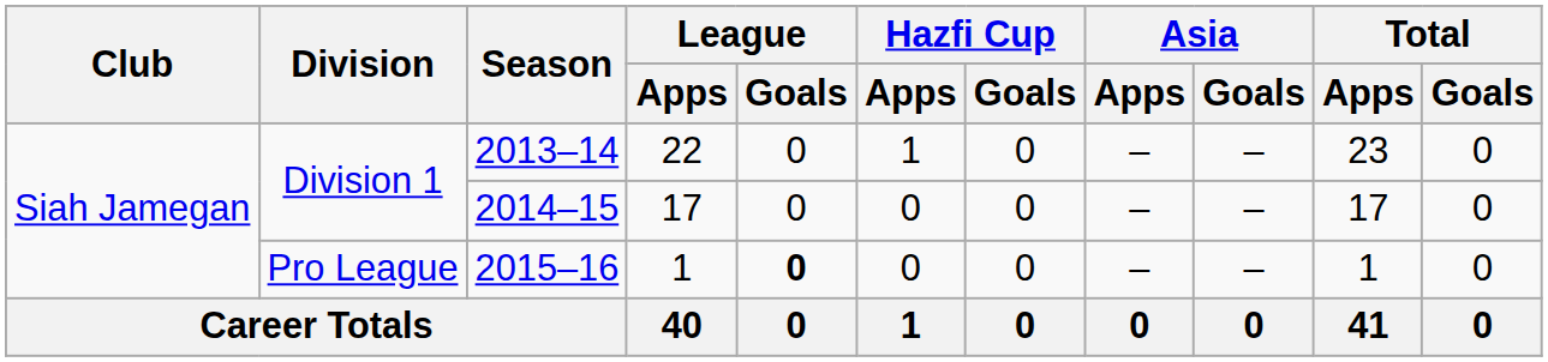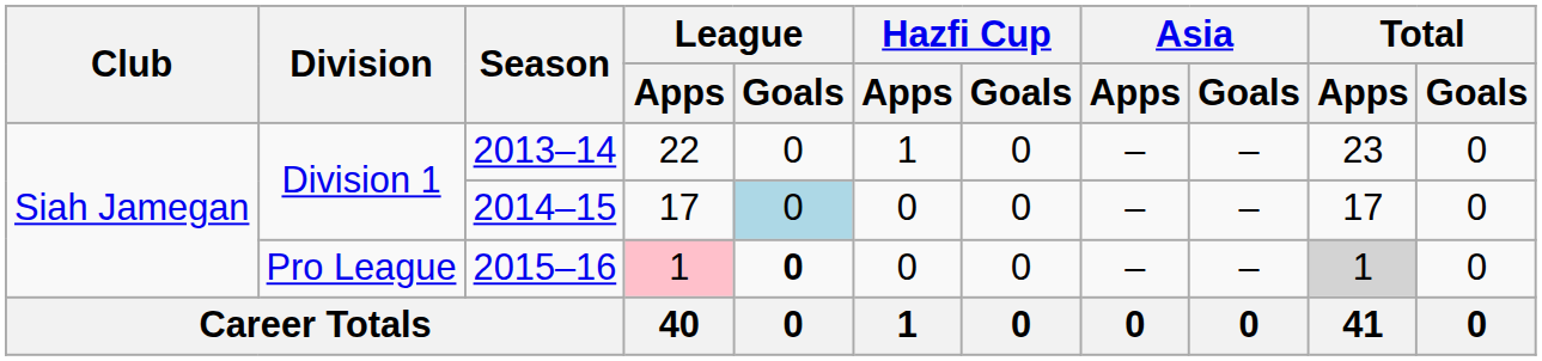 <table class="wikitable" style="text-align: center;">
 <tr>
 <th rowspan="2">Club</th>
 <th rowspan="2">Division</th>
 <th rowspan="2">Season</th>
 <th colspan="2">League</th>
 <th colspan="2"><a href='#'>Hazfi Cup</a></th>
 <th colspan="2"><a href='#'>Asia</a></th>
 <th colspan="2">Total</th>
 </tr>
 <tr>
 <th>Apps</th>
 <th>Goals</th>
 <th>Apps</th>
 <th>Goals</th>
 <th>Apps</th>
 <th>Goals</th>
 <th>Apps</th>
 <th>Goals</th>
 </tr>
 <tr>
 <td rowspan="3"><a href='#'>Siah Jamegan</a></td>
 <td rowspan="2"><a href='#'>Division 1</a></td>
 <td><a href='#'>2013–14</a></td>
 <td>22</td>
 <td>0</td>
 <td>1</td>
 <td>0</td>
 <td>–</td>
 <td>–</td>
 <td>23</td>
 <td>0</td>
 </tr>
 <tr>
 <td><a href='#'>2014–15</a></td>
 <td>17</td>
-<td>0</td>
+<td style="background: lightblue;">0</td>
 <td>0</td>
 <td>0</td>
 <td>–</td>
 <td>–</td>
 <td>17</td>
 <td>0</td>
 </tr>
 <tr>
 <td><a href='#'>Pro League</a></td>
 <td><a href='#'>2015–16</a></td>
-<td>1</td>
+<td style="background: pink;">1</td>
 <td><strong>0</strong></td>
 <td>0</td>
 <td>0</td>
 <td>–</td>
 <td>–</td>
-<td>1</td>
+<td style="background: lightgrey;">1</td>
 <td>0</td>
 </tr>
 <tr>
 <th colspan=3>Career Totals</th>
 <th>40</th>
 <th>0</th>
 <th>1</th>
 <th>0</th>
 <th>0</th>
 <th>0</th>
 <th>41</th>
 <th>0</th>
 </tr>
 </table>
